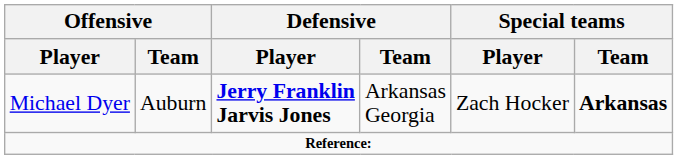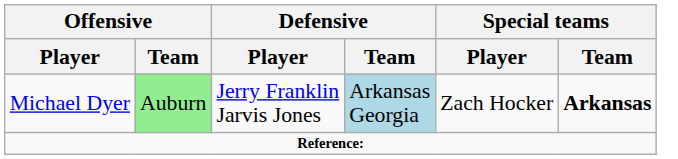 <table class="wikitable" border="1">
 <tr>
 <th colspan="2">Offensive</th>
 <th colspan="2">Defensive</th>
 <th colspan="2">Special teams</th>
 </tr>
 <tr>
 <th>Player</th>
 <th>Team</th>
 <th>Player</th>
 <th>Team</th>
 <th>Player</th>
 <th>Team</th>
 </tr>
 <tr>
 <td><a href='#'>Michael Dyer</a></td>
-<td>Auburn</td>
-<td><strong><a href='#'>Jerry Franklin</a><br>Jarvis Jones</strong></td>
-<td>Arkansas<br>Georgia</td>
+<td style="background: lightgreen;">Auburn</td>
+<td><a href='#'>Jerry Franklin</a><br>Jarvis Jones</td>
+<td style="background: lightblue;">Arkansas<br>Georgia</td>
 <td>Zach Hocker</td>
 <td><strong>Arkansas</strong></td>
 </tr>
 <tr>
 <td colspan="6" style="font-size: 8pt" align="center"><strong>Reference:</strong></td>
 </tr>
 </table>
